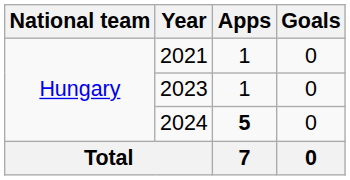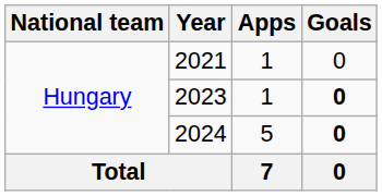 <table class="wikitable" style="text-align:center">
 <tr>
 <th>National team</th>
 <th>Year</th>
 <th>Apps</th>
 <th>Goals</th>
 </tr>
 <tr>
 <td rowspan="3"><a href='#'>Hungary</a></td>
 <td>2021</td>
 <td>1</td>
 <td>0</td>
 </tr>
 <tr>
 <td>2023</td>
 <td>1</td>
-<td>0</td>
+<td><strong>0</strong></td>
 </tr>
 <tr>
 <td>2024</td>
-<td><strong>5</strong></td>
-<td>0</td>
+<td>5</td>
+<td><strong>0</strong></td>
 </tr>
 <tr>
 <th colspan="2">Total</th>
 <th>7</th>
 <th>0</th>
 </tr>
 </table>
